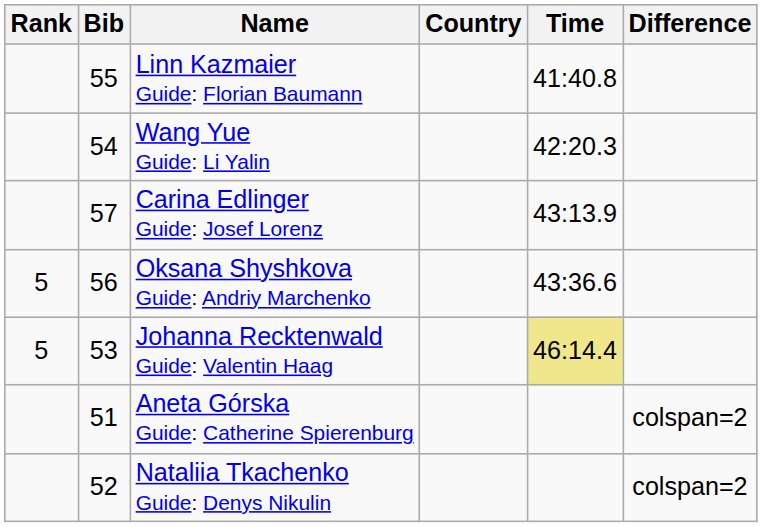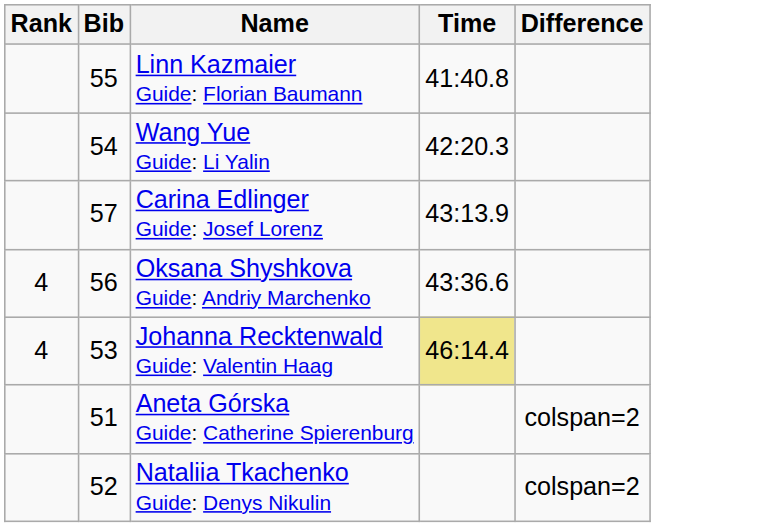 <table class="wikitable sortable" style="text-align:center">
 <tr>
 <th>Rank</th>
 <th>Bib</th>
 <th>Name</th>
-<th>Country</th>
 <th>Time</th>
 <th>Difference</th>
 </tr>
 <tr>
 <td></td>
 <td>55</td>
 <td align="left"><a href='#'>Linn Kazmaier</a><br><small><a href='#'>Guide</a>: <a href='#'>Florian Baumann</a> </small></td>
-<td align="left"></td>
 <td>41:40.8</td>
 <td></td>
 </tr>
 <tr>
 <td></td>
 <td>54</td>
 <td align="left"><a href='#'>Wang Yue</a><br><small><a href='#'>Guide</a>: <a href='#'>Li Yalin</a> </small></td>
-<td align="left"></td>
 <td>42:20.3</td>
 <td></td>
 </tr>
 <tr>
 <td></td>
 <td>57</td>
 <td align="left"><a href='#'>Carina Edlinger</a><br><small><a href='#'>Guide</a>: <a href='#'>Josef Lorenz</a> </small></td>
-<td align="left"></td>
 <td>43:13.9</td>
 <td></td>
 </tr>
 <tr>
-<td>5</td>
+<td>4</td>
 <td>56</td>
 <td align="left"><a href='#'>Oksana Shyshkova</a><br><small><a href='#'>Guide</a>: <a href='#'>Andriy Marchenko</a> </small></td>
-<td align="left"></td>
 <td>43:36.6</td>
 <td></td>
 </tr>
 <tr>
-<td>5</td>
+<td>4</td>
 <td>53</td>
 <td align="left"><a href='#'>Johanna Recktenwald</a><br><small><a href='#'>Guide</a>: <a href='#'>Valentin Haag</a> </small></td>
-<td align="left"></td>
 <td style="background: khaki;">46:14.4</td>
 <td></td>
 </tr>
 <tr>
 <td></td>
 <td>51</td>
 <td align="left"><a href='#'>Aneta Górska</a><br><small><a href='#'>Guide</a>: <a href='#'>Catherine Spierenburg</a></small></td>
-<td align="left"></td>
 <td></td>
 <td>colspan=2 </td>
 </tr>
 <tr>
 <td></td>
 <td>52</td>
 <td align="left"><a href='#'>Nataliia Tkachenko</a><br><small><a href='#'>Guide</a>: <a href='#'>Denys Nikulin</a> </small></td>
-<td align="left"></td>
 <td></td>
 <td>colspan=2 </td>
 </tr>
 </table>
